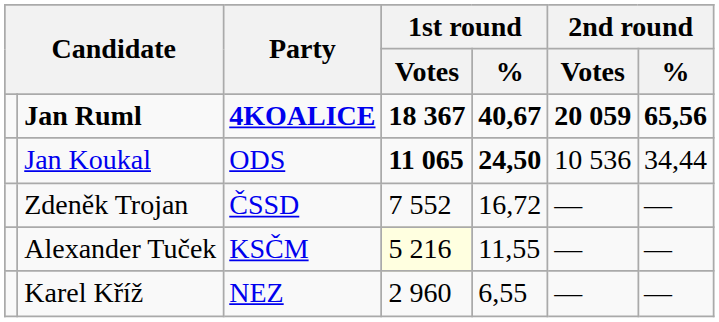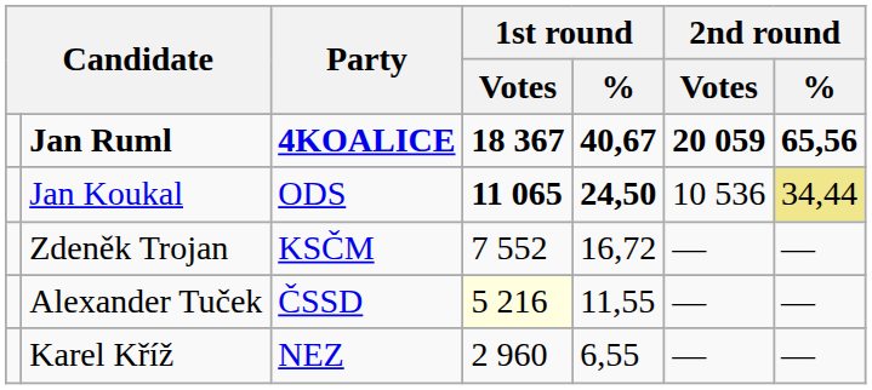 <table class="wikitable sortable">
 <tr>
 <th colspan="2" rowspan="2">Candidate</th>
 <th rowspan="2">Party</th>
 <th colspan="2">1st round</th>
 <th colspan="2">2nd round</th>
 </tr>
 <tr>
 <th>Votes</th>
 <th>%</th>
 <th>Votes</th>
 <th>%</th>
 </tr>
 <tr>
 <td style="background-color:"></td>
 <td><strong>Jan Ruml</strong></td>
 <td><a href='#'><strong>4KOALICE</strong></a></td>
 <td><strong>18 367</strong></td>
 <td><strong>40,67</strong></td>
 <td><strong>20 059</strong></td>
 <td><strong>65,56</strong></td>
 </tr>
 <tr>
 <td style="background-color:"></td>
 <td><a href='#'>Jan Koukal</a></td>
 <td><a href='#'>ODS</a></td>
 <td><strong>11 065</strong></td>
 <td><strong>24,50</strong></td>
 <td>10 536</td>
-<td>34,44</td>
+<td style="background: khaki;">34,44</td>
 </tr>
 <tr>
 <td style="background-color:"></td>
 <td>Zdeněk Trojan</td>
-<td><a href='#'>ČSSD</a></td>
+<td><a href='#'>KSČM</a></td>
 <td>7 552</td>
 <td>16,72</td>
 <td>—</td>
 <td>—</td>
 </tr>
 <tr>
 <td style="background-color:"></td>
 <td>Alexander Tuček</td>
-<td><a href='#'>KSČM</a></td>
+<td><a href='#'>ČSSD</a></td>
 <td style="background: lightyellow;">5 216</td>
 <td>11,55</td>
 <td>—</td>
 <td>—</td>
 </tr>
 <tr>
 <td style="background-color:"></td>
 <td>Karel Kříž</td>
 <td><a href='#'>NEZ</a></td>
 <td>2 960</td>
 <td>6,55</td>
 <td>—</td>
 <td>—</td>
 </tr>
 </table>
